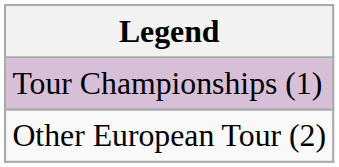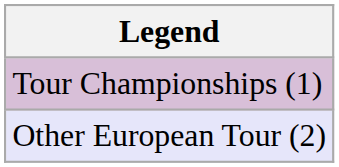 <table class="wikitable" style="font-size:95%;">
 <tr>
 <th>Legend</th>
 </tr>
 <tr style="background:thistle">
 <td>Tour Championships (1)</td>
 </tr>
 <tr>
-<td>Other European Tour (2)</td>
+<td style="background: lavender;">Other European Tour (2)</td>
 </tr>
 </table>
